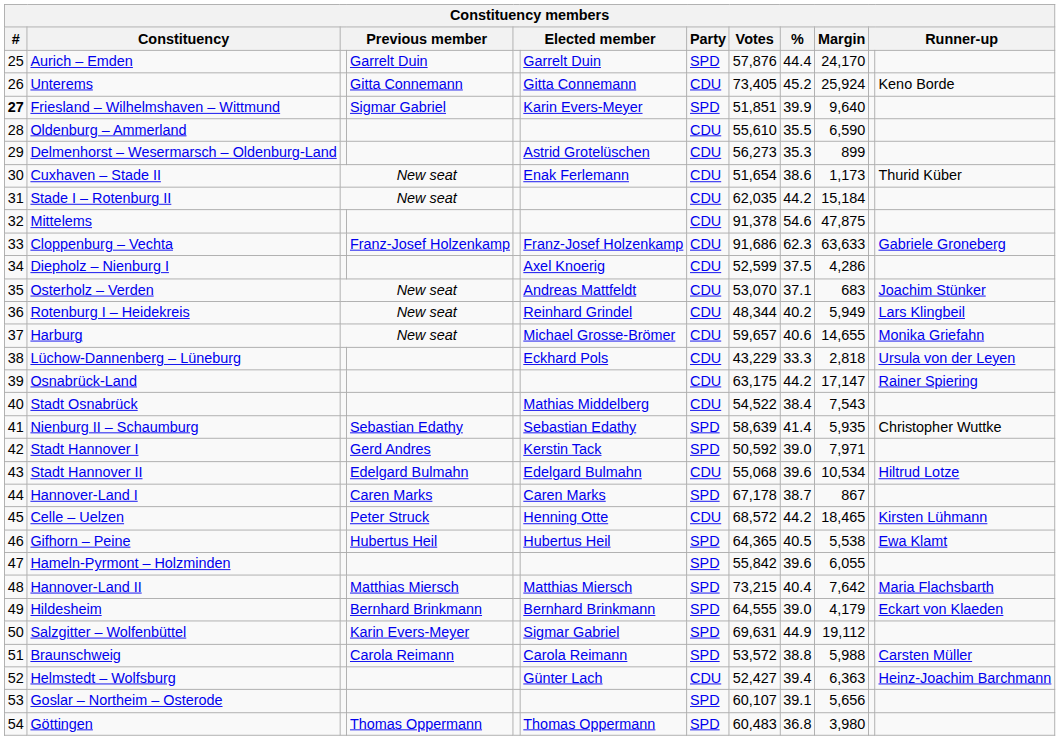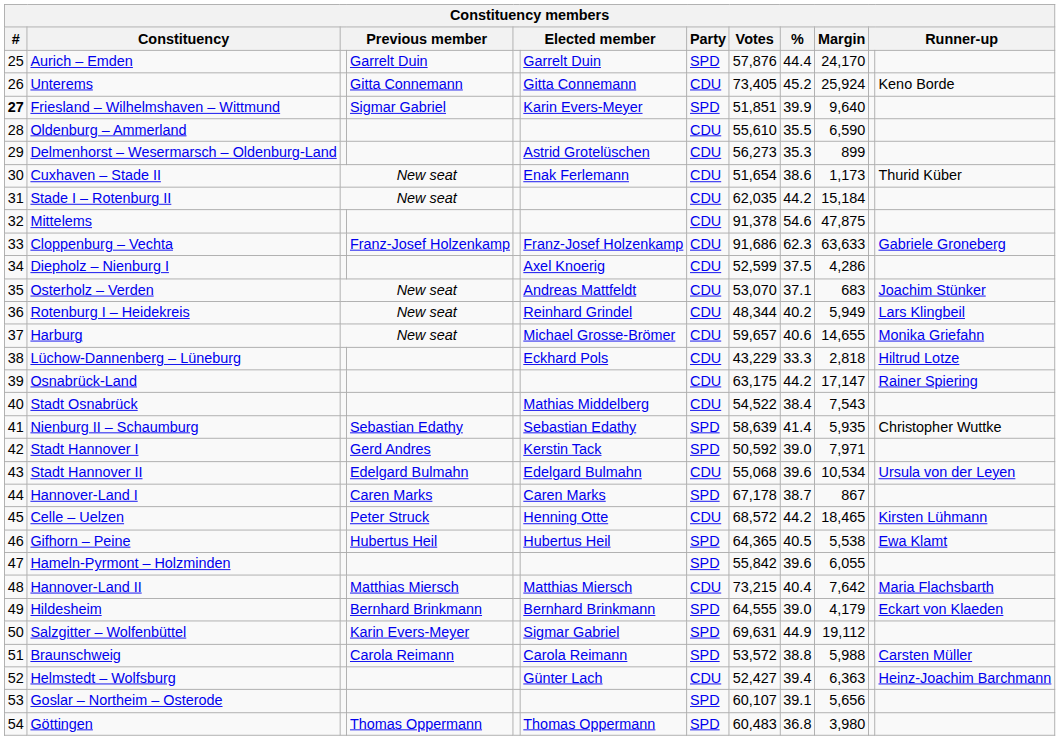 <table class="wikitable sortable" style="text-align:right">
 <tr>
 <th colspan="12">Constituency members</th>
 </tr>
 <tr>
 <th>#</th>
 <th>Constituency</th>
 <th colspan="2">Previous member</th>
 <th colspan="2">Elected member</th>
 <th>Party</th>
 <th>Votes</th>
 <th>%</th>
 <th>Margin</th>
 <th colspan="2">Runner-up</th>
 </tr>
 <tr>
 <td>25</td>
 <td align=left><a href='#'>Aurich – Emden</a></td>
 <td bgcolor=></td>
 <td align=left><a href='#'>Garrelt Duin</a></td>
 <td bgcolor=></td>
 <td align=left><a href='#'>Garrelt Duin</a></td>
 <td align=left><a href='#'>SPD</a></td>
 <td>57,876</td>
 <td>44.4</td>
 <td>24,170</td>
 <td bgcolor=></td>
 <td align=left></td>
 </tr>
 <tr>
 <td>26</td>
 <td align=left><a href='#'>Unterems</a></td>
 <td bgcolor=></td>
 <td align=left><a href='#'>Gitta Connemann</a></td>
 <td bgcolor=></td>
 <td align=left><a href='#'>Gitta Connemann</a></td>
 <td align=left><a href='#'>CDU</a></td>
 <td>73,405</td>
 <td>45.2</td>
 <td>25,924</td>
 <td bgcolor=></td>
 <td align=left>Keno Borde</td>
 </tr>
 <tr>
 <td><strong>27</strong></td>
 <td align=left><a href='#'>Friesland – Wilhelmshaven – Wittmund</a></td>
 <td bgcolor=></td>
 <td align=left><a href='#'>Sigmar Gabriel</a></td>
 <td bgcolor=></td>
 <td align=left><a href='#'>Karin Evers-Meyer</a></td>
 <td align=left><a href='#'>SPD</a></td>
 <td>51,851</td>
 <td>39.9</td>
 <td>9,640</td>
 <td bgcolor=></td>
 <td align=left></td>
 </tr>
 <tr>
 <td>28</td>
 <td align=left><a href='#'>Oldenburg – Ammerland</a></td>
 <td bgcolor=></td>
 <td align=left></td>
 <td></td>
 <td align=left></td>
 <td align="left"><a href='#'>CDU</a></td>
 <td>55,610</td>
 <td>35.5</td>
 <td>6,590</td>
 <td bgcolor=></td>
 <td align=left></td>
 </tr>
 <tr>
 <td>29</td>
 <td align=left><a href='#'>Delmenhorst – Wesermarsch – Oldenburg-Land</a></td>
 <td bgcolor=></td>
 <td align=left></td>
 <td></td>
 <td align=left><a href='#'>Astrid Grotelüschen</a></td>
 <td align=left><a href='#'>CDU</a></td>
 <td>56,273</td>
 <td>35.3</td>
 <td>899</td>
 <td bgcolor=></td>
 <td align=left></td>
 </tr>
 <tr>
 <td>30</td>
 <td align=left><a href='#'>Cuxhaven – Stade II</a></td>
 <td align=center colspan=2><em>New seat</em></td>
 <td bgcolor=></td>
 <td align=left><a href='#'>Enak Ferlemann</a></td>
 <td align=left><a href='#'>CDU</a></td>
 <td>51,654</td>
 <td>38.6</td>
 <td>1,173</td>
 <td bgcolor=></td>
 <td align=left>Thurid Küber</td>
 </tr>
 <tr>
 <td>31</td>
 <td align=left><a href='#'>Stade I – Rotenburg II</a></td>
 <td align=center colspan=2><em>New seat</em></td>
 <td bgcolor=></td>
 <td align=left></td>
 <td align="left"><a href='#'>CDU</a></td>
 <td>62,035</td>
 <td>44.2</td>
 <td>15,184</td>
 <td bgcolor=></td>
 <td align=left></td>
 </tr>
 <tr>
 <td>32</td>
 <td align=left><a href='#'>Mittelems</a></td>
 <td bgcolor=></td>
 <td align=left></td>
 <td></td>
 <td align=left></td>
 <td align="left"><a href='#'>CDU</a></td>
 <td>91,378</td>
 <td>54.6</td>
 <td>47,875</td>
 <td bgcolor=></td>
 <td align=left></td>
 </tr>
 <tr>
 <td>33</td>
 <td align=left><a href='#'>Cloppenburg – Vechta</a></td>
 <td bgcolor=></td>
 <td align=left><a href='#'>Franz-Josef Holzenkamp</a></td>
 <td bgcolor=></td>
 <td align=left><a href='#'>Franz-Josef Holzenkamp</a></td>
 <td align=left><a href='#'>CDU</a></td>
 <td>91,686</td>
 <td>62.3</td>
 <td>63,633</td>
 <td bgcolor=></td>
 <td align=left><a href='#'>Gabriele Groneberg</a></td>
 </tr>
 <tr>
 <td>34</td>
 <td align=left><a href='#'>Diepholz – Nienburg I</a></td>
 <td bgcolor=></td>
 <td align=left></td>
 <td></td>
 <td align=left><a href='#'>Axel Knoerig</a></td>
 <td align=left><a href='#'>CDU</a></td>
 <td>52,599</td>
 <td>37.5</td>
 <td>4,286</td>
 <td bgcolor=></td>
 <td align=left></td>
 </tr>
 <tr>
 <td>35</td>
 <td align=left><a href='#'>Osterholz – Verden</a></td>
 <td align=center colspan=2><em>New seat</em></td>
 <td bgcolor=></td>
 <td align=left><a href='#'>Andreas Mattfeldt</a></td>
 <td align=left><a href='#'>CDU</a></td>
 <td>53,070</td>
 <td>37.1</td>
 <td>683</td>
 <td bgcolor=></td>
 <td align=left><a href='#'>Joachim Stünker</a></td>
 </tr>
 <tr>
 <td>36</td>
 <td align=left><a href='#'>Rotenburg I – Heidekreis</a></td>
 <td align=center colspan=2><em>New seat</em></td>
 <td bgcolor=></td>
 <td align=left><a href='#'>Reinhard Grindel</a></td>
 <td align=left><a href='#'>CDU</a></td>
 <td>48,344</td>
 <td>40.2</td>
 <td>5,949</td>
 <td bgcolor=></td>
 <td align=left><a href='#'>Lars Klingbeil</a></td>
 </tr>
 <tr>
 <td>37</td>
 <td align=left><a href='#'>Harburg</a></td>
 <td align=center colspan=2><em>New seat</em></td>
 <td bgcolor=></td>
 <td align=left><a href='#'>Michael Grosse-Brömer</a></td>
 <td align=left><a href='#'>CDU</a></td>
 <td>59,657</td>
 <td>40.6</td>
 <td>14,655</td>
 <td bgcolor=></td>
 <td align=left><a href='#'>Monika Griefahn</a></td>
 </tr>
 <tr>
 <td>38</td>
 <td align=left><a href='#'>Lüchow-Dannenberg – Lüneburg</a></td>
 <td bgcolor=></td>
 <td align=left></td>
 <td></td>
 <td align=left><a href='#'>Eckhard Pols</a></td>
 <td align=left><a href='#'>CDU</a></td>
 <td>43,229</td>
 <td>33.3</td>
 <td>2,818</td>
 <td bgcolor=></td>
-<td align=left><a href='#'>Ursula von der Leyen</a></td>
+<td align=left><a href='#'>Hiltrud Lotze</a></td>
 </tr>
 <tr>
 <td>39</td>
 <td align=left><a href='#'>Osnabrück-Land</a></td>
 <td bgcolor=></td>
 <td align=left></td>
 <td></td>
 <td align=left></td>
 <td align="left"><a href='#'>CDU</a></td>
 <td>63,175</td>
 <td>44.2</td>
 <td>17,147</td>
 <td bgcolor=></td>
 <td align=left><a href='#'>Rainer Spiering</a></td>
 </tr>
 <tr>
 <td>40</td>
 <td align=left><a href='#'>Stadt Osnabrück</a></td>
 <td bgcolor=></td>
 <td align=left></td>
 <td></td>
 <td align=left><a href='#'>Mathias Middelberg</a></td>
 <td align=left><a href='#'>CDU</a></td>
 <td>54,522</td>
 <td>38.4</td>
 <td>7,543</td>
 <td bgcolor=></td>
 <td align=left></td>
 </tr>
 <tr>
 <td>41</td>
 <td align=left><a href='#'>Nienburg II – Schaumburg</a></td>
 <td bgcolor=></td>
 <td align=left><a href='#'>Sebastian Edathy</a></td>
 <td bgcolor=></td>
 <td align=left><a href='#'>Sebastian Edathy</a></td>
 <td align=left><a href='#'>SPD</a></td>
 <td>58,639</td>
 <td>41.4</td>
 <td>5,935</td>
 <td bgcolor=></td>
 <td align=left>Christopher Wuttke</td>
 </tr>
 <tr>
 <td>42</td>
 <td align=left><a href='#'>Stadt Hannover I</a></td>
 <td bgcolor=></td>
 <td align=left><a href='#'>Gerd Andres</a></td>
 <td bgcolor=></td>
 <td align=left><a href='#'>Kerstin Tack</a></td>
 <td align=left><a href='#'>SPD</a></td>
 <td>50,592</td>
 <td>39.0</td>
 <td>7,971</td>
 <td bgcolor=></td>
 <td align=left></td>
 </tr>
 <tr>
 <td>43</td>
 <td align=left><a href='#'>Stadt Hannover II</a></td>
 <td bgcolor=></td>
 <td align=left><a href='#'>Edelgard Bulmahn</a></td>
 <td bgcolor=></td>
 <td align=left><a href='#'>Edelgard Bulmahn</a></td>
 <td align="left"><a href='#'>CDU</a></td>
 <td>55,068</td>
 <td>39.6</td>
 <td>10,534</td>
 <td bgcolor=></td>
-<td align=left><a href='#'>Hiltrud Lotze</a></td>
+<td align=left><a href='#'>Ursula von der Leyen</a></td>
 </tr>
 <tr>
 <td>44</td>
 <td align=left><a href='#'>Hannover-Land I</a></td>
 <td bgcolor=></td>
 <td align=left><a href='#'>Caren Marks</a></td>
 <td bgcolor=></td>
 <td align=left><a href='#'>Caren Marks</a></td>
 <td align=left><a href='#'>SPD</a></td>
 <td>67,178</td>
 <td>38.7</td>
 <td>867</td>
 <td bgcolor=></td>
 <td align=left></td>
 </tr>
 <tr>
 <td>45</td>
 <td align=left><a href='#'>Celle – Uelzen</a></td>
 <td bgcolor=></td>
 <td align=left><a href='#'>Peter Struck</a></td>
 <td bgcolor=></td>
 <td align=left><a href='#'>Henning Otte</a></td>
 <td align=left><a href='#'>CDU</a></td>
 <td>68,572</td>
 <td>44.2</td>
 <td>18,465</td>
 <td bgcolor=></td>
 <td align=left><a href='#'>Kirsten Lühmann</a></td>
 </tr>
 <tr>
 <td>46</td>
 <td align=left><a href='#'>Gifhorn – Peine</a></td>
 <td bgcolor=></td>
 <td align=left><a href='#'>Hubertus Heil</a></td>
 <td bgcolor=></td>
 <td align=left><a href='#'>Hubertus Heil</a></td>
 <td align=left><a href='#'>SPD</a></td>
 <td>64,365</td>
 <td>40.5</td>
 <td>5,538</td>
 <td bgcolor=></td>
 <td align=left><a href='#'>Ewa Klamt</a></td>
 </tr>
 <tr>
 <td>47</td>
 <td align=left><a href='#'>Hameln-Pyrmont – Holzminden</a></td>
 <td bgcolor=></td>
 <td align=left></td>
 <td></td>
 <td align=left></td>
 <td align="left"><a href='#'>SPD</a></td>
 <td>55,842</td>
 <td>39.6</td>
 <td>6,055</td>
 <td bgcolor=></td>
 <td align=left></td>
 </tr>
 <tr>
 <td>48</td>
 <td align=left><a href='#'>Hannover-Land II</a></td>
 <td bgcolor=></td>
 <td align=left><a href='#'>Matthias Miersch</a></td>
 <td bgcolor=></td>
 <td align=left><a href='#'>Matthias Miersch</a></td>
-<td align=left><a href='#'>SPD</a></td>
+<td align=left><a href='#'>CDU</a></td>
 <td>73,215</td>
 <td>40.4</td>
 <td>7,642</td>
 <td bgcolor=></td>
 <td align=left><a href='#'>Maria Flachsbarth</a></td>
 </tr>
 <tr>
 <td>49</td>
 <td align=left><a href='#'>Hildesheim</a></td>
 <td bgcolor=></td>
 <td align=left><a href='#'>Bernhard Brinkmann</a></td>
 <td bgcolor=></td>
 <td align=left><a href='#'>Bernhard Brinkmann</a></td>
 <td align=left><a href='#'>SPD</a></td>
 <td>64,555</td>
 <td>39.0</td>
 <td>4,179</td>
 <td bgcolor=></td>
 <td align=left><a href='#'>Eckart von Klaeden</a></td>
 </tr>
 <tr>
 <td>50</td>
 <td align=left><a href='#'>Salzgitter – Wolfenbüttel</a></td>
 <td bgcolor=></td>
 <td align=left><a href='#'>Karin Evers-Meyer</a></td>
 <td bgcolor=></td>
 <td align=left><a href='#'>Sigmar Gabriel</a></td>
 <td align=left><a href='#'>SPD</a></td>
 <td>69,631</td>
 <td>44.9</td>
 <td>19,112</td>
 <td bgcolor=></td>
 <td align=left></td>
 </tr>
 <tr>
 <td>51</td>
 <td align=left><a href='#'>Braunschweig</a></td>
 <td bgcolor=></td>
 <td align=left><a href='#'>Carola Reimann</a></td>
 <td bgcolor=></td>
 <td align=left><a href='#'>Carola Reimann</a></td>
 <td align=left><a href='#'>SPD</a></td>
 <td>53,572</td>
 <td>38.8</td>
 <td>5,988</td>
 <td bgcolor=></td>
 <td align=left><a href='#'>Carsten Müller</a></td>
 </tr>
 <tr>
 <td>52</td>
 <td align=left><a href='#'>Helmstedt – Wolfsburg</a></td>
 <td bgcolor=></td>
 <td align=left></td>
 <td></td>
 <td align=left><a href='#'>Günter Lach</a></td>
 <td align="left"><a href='#'>CDU</a></td>
 <td>52,427</td>
 <td>39.4</td>
 <td>6,363</td>
 <td bgcolor=></td>
 <td align=left><a href='#'>Heinz-Joachim Barchmann</a></td>
 </tr>
 <tr>
 <td>53</td>
 <td align=left><a href='#'>Goslar – Northeim – Osterode</a></td>
 <td bgcolor=></td>
 <td align=left></td>
 <td></td>
 <td align=left></td>
 <td align="left"><a href='#'>SPD</a></td>
 <td>60,107</td>
 <td>39.1</td>
 <td>5,656</td>
 <td bgcolor=></td>
 <td align=left></td>
 </tr>
 <tr>
 <td>54</td>
 <td align=left><a href='#'>Göttingen</a></td>
 <td bgcolor=></td>
 <td align=left><a href='#'>Thomas Oppermann</a></td>
 <td bgcolor=></td>
 <td align=left><a href='#'>Thomas Oppermann</a></td>
 <td align=left><a href='#'>SPD</a></td>
 <td>60,483</td>
 <td>36.8</td>
 <td>3,980</td>
 <td bgcolor=></td>
 <td align=left></td>
 </tr>
 </table>
